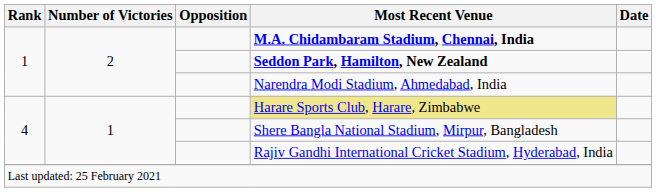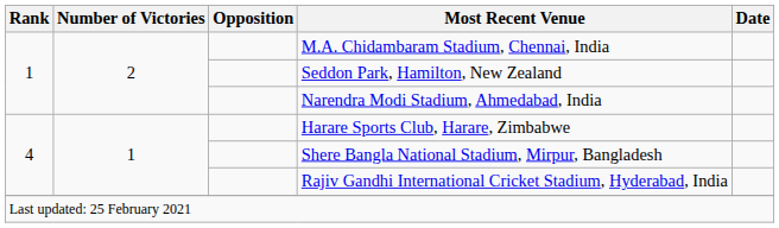 <table class="wikitable sortable">
 <tr>
 <th scope=col>Rank</th>
 <th scope=col>Number of Victories</th>
 <th scope=col>Opposition</th>
 <th scope=col>Most Recent Venue</th>
 <th scope=col>Date</th>
 </tr>
 <tr>
 <td align=center rowspan=3>1</td>
 <td align=center rowspan=3>2</td>
 <td></td>
-<td><strong><a href='#'>M.A. Chidambaram Stadium</a>, <a href='#'>Chennai</a>, India</strong></td>
+<td><a href='#'>M.A. Chidambaram Stadium</a>, <a href='#'>Chennai</a>, India</td>
 <td></td>
 </tr>
 <tr>
 <td></td>
-<td><strong><a href='#'>Seddon Park</a>, <a href='#'>Hamilton</a>, New Zealand</strong></td>
+<td><a href='#'>Seddon Park</a>, <a href='#'>Hamilton</a>, New Zealand</td>
 <td></td>
 </tr>
 <tr>
 <td></td>
 <td><a href='#'>Narendra Modi Stadium</a>, <a href='#'>Ahmedabad</a>, India</td>
 <td></td>
 </tr>
 <tr>
 <td align=center rowspan=3>4</td>
 <td align=center rowspan=3>1</td>
 <td></td>
-<td style="background: khaki;"><a href='#'>Harare Sports Club</a>, <a href='#'>Harare</a>, Zimbabwe</td>
+<td><a href='#'>Harare Sports Club</a>, <a href='#'>Harare</a>, Zimbabwe</td>
 <td></td>
 </tr>
 <tr>
 <td></td>
 <td><a href='#'>Shere Bangla National Stadium</a>, <a href='#'>Mirpur</a>, Bangladesh</td>
 <td></td>
 </tr>
 <tr>
 <td></td>
 <td><a href='#'>Rajiv Gandhi International Cricket Stadium</a>, <a href='#'>Hyderabad</a>, India</td>
 <td></td>
 </tr>
 <tr>
 </tr>
 <tr class=sortbottom>
 <td colspan=5><small>Last updated: 25 February 2021</small></td>
 </tr>
 </table>
